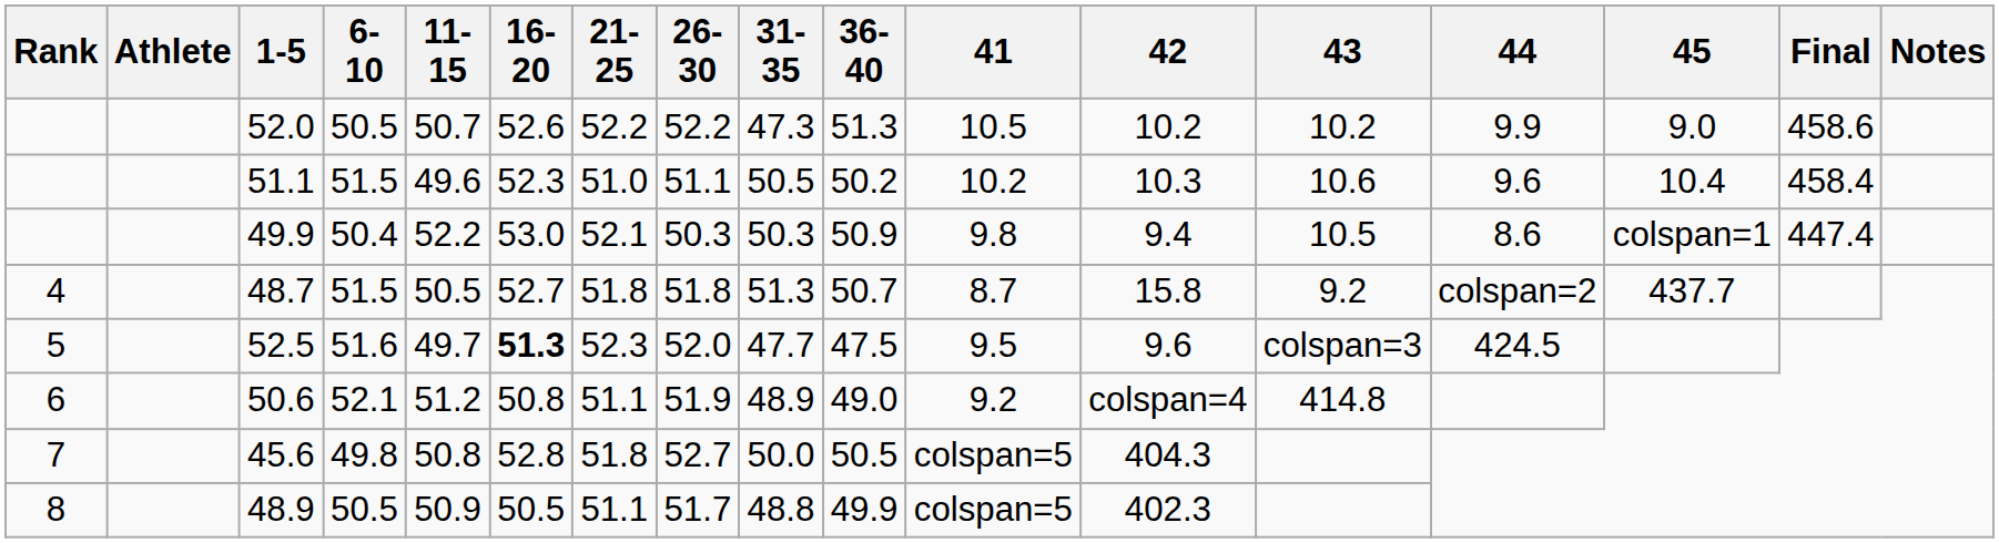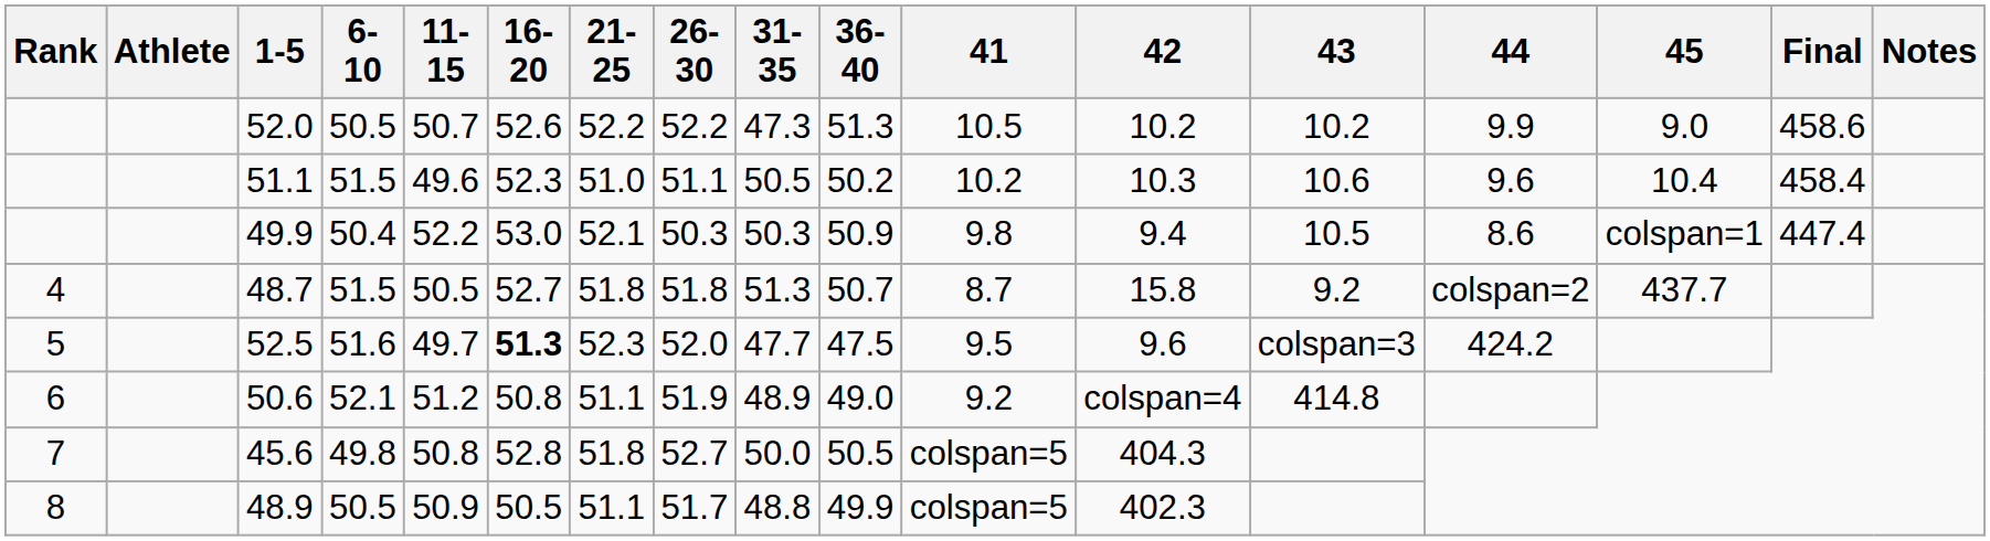 <table class="wikitable sortable">
 <tr>
 <th>Rank</th>
 <th>Athlete</th>
 <th class="unsortable" style="width: 28px">1-5</th>
 <th class="unsortable" style="width: 28px">6-10</th>
 <th class="unsortable" style="width: 28px">11-15</th>
 <th class="unsortable" style="width: 28px">16-20</th>
 <th class="unsortable" style="width: 28px">21-25</th>
 <th class="unsortable" style="width: 28px">26-30</th>
 <th class="unsortable" style="width: 28px">31-35</th>
 <th class="unsortable" style="width: 28px">36-40</th>
 <th class="unsortable" style="width: 28px">41</th>
 <th class="unsortable" style="width: 28px">42</th>
 <th class="unsortable" style="width: 28px">43</th>
 <th class="unsortable" style="width: 28px">44</th>
 <th class="unsortable" style="width: 28px">45</th>
 <th>Final</th>
 <th class="unsortable">Notes</th>
 </tr>
 <tr>
 <td align="center"></td>
 <td></td>
 <td align="center">52.0</td>
 <td align="center">50.5</td>
 <td align="center">50.7</td>
 <td align="center">52.6</td>
 <td align="center">52.2</td>
 <td align="center">52.2</td>
 <td align="center">47.3</td>
 <td align="center">51.3</td>
 <td align="center">10.5</td>
 <td align="center">10.2</td>
 <td align="center">10.2</td>
 <td align="center">9.9</td>
 <td align="center">9.0</td>
 <td align="center">458.6</td>
 <td align="center"></td>
 </tr>
 <tr>
 <td align="center"></td>
 <td></td>
 <td align="center">51.1</td>
 <td align="center">51.5</td>
 <td align="center">49.6</td>
 <td align="center">52.3</td>
 <td align="center">51.0</td>
 <td align="center">51.1</td>
 <td align="center">50.5</td>
 <td align="center">50.2</td>
 <td align="center">10.2</td>
 <td align="center">10.3</td>
 <td align="center">10.6</td>
 <td align="center">9.6</td>
 <td align="center">10.4</td>
 <td align="center">458.4</td>
 <td align="center"></td>
 </tr>
 <tr>
 <td align="center"></td>
 <td></td>
 <td align="center">49.9</td>
 <td align="center">50.4</td>
 <td align="center">52.2</td>
 <td align="center">53.0</td>
 <td align="center">52.1</td>
 <td align="center">50.3</td>
 <td align="center">50.3</td>
 <td align="center">50.9</td>
 <td align="center">9.8</td>
 <td align="center">9.4</td>
 <td align="center">10.5</td>
 <td align="center">8.6</td>
 <td>colspan=1 </td>
 <td align="center">447.4</td>
 <td align="center"></td>
 </tr>
 <tr>
 <td align="center">4</td>
 <td></td>
 <td align="center">48.7</td>
 <td align="center">51.5</td>
 <td align="center">50.5</td>
 <td align="center">52.7</td>
 <td align="center">51.8</td>
 <td align="center">51.8</td>
 <td align="center">51.3</td>
 <td align="center">50.7</td>
 <td align="center">8.7</td>
 <td align="center">15.8</td>
 <td align="center">9.2</td>
 <td>colspan=2 </td>
 <td align="center">437.7</td>
 <td align="center"></td>
 </tr>
 <tr>
 <td align="center">5</td>
 <td></td>
 <td align="center">52.5</td>
 <td align="center">51.6</td>
 <td align="center">49.7</td>
 <td align="center"><strong>51.3</strong></td>
 <td align="center">52.3</td>
 <td align="center">52.0</td>
 <td align="center">47.7</td>
 <td align="center">47.5</td>
 <td align="center">9.5</td>
 <td align="center">9.6</td>
 <td>colspan=3 </td>
-<td align="center">424.5</td>
+<td align="center">424.2</td>
 <td align="center"></td>
 </tr>
 <tr>
 <td align="center">6</td>
 <td></td>
 <td align="center">50.6</td>
 <td align="center">52.1</td>
 <td align="center">51.2</td>
 <td align="center">50.8</td>
 <td align="center">51.1</td>
 <td align="center">51.9</td>
 <td align="center">48.9</td>
 <td align="center">49.0</td>
 <td align="center">9.2</td>
 <td>colspan=4 </td>
 <td align="center">414.8</td>
 <td align="center"></td>
 </tr>
 <tr>
 <td align="center">7</td>
 <td></td>
 <td align="center">45.6</td>
 <td align="center">49.8</td>
 <td align="center">50.8</td>
 <td align="center">52.8</td>
 <td align="center">51.8</td>
 <td align="center">52.7</td>
 <td align="center">50.0</td>
 <td align="center">50.5</td>
 <td>colspan=5 </td>
 <td align="center">404.3</td>
 <td align="center"></td>
 </tr>
 <tr>
 <td align="center">8</td>
 <td></td>
 <td align="center">48.9</td>
 <td align="center">50.5</td>
 <td align="center">50.9</td>
 <td align="center">50.5</td>
 <td align="center">51.1</td>
 <td align="center">51.7</td>
 <td align="center">48.8</td>
 <td align="center">49.9</td>
 <td>colspan=5 </td>
 <td align="center">402.3</td>
 <td align="center"></td>
 </tr>
 </table>
